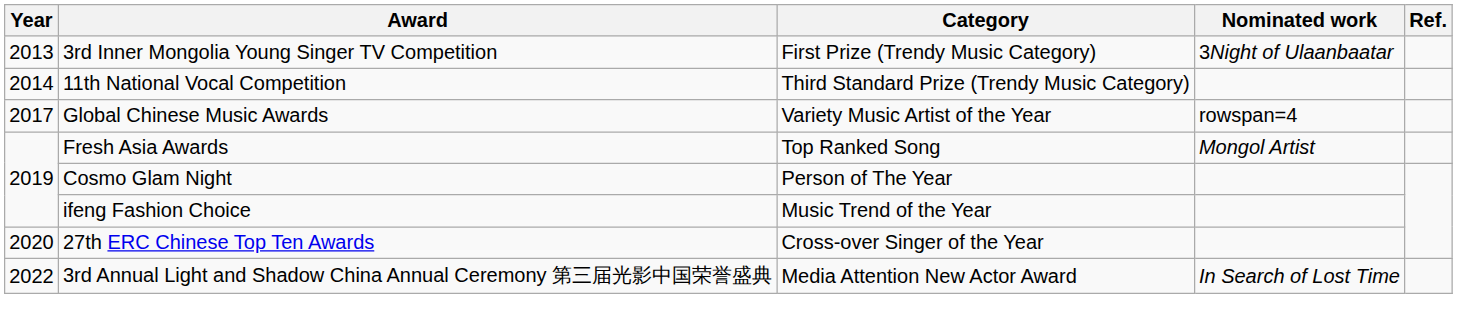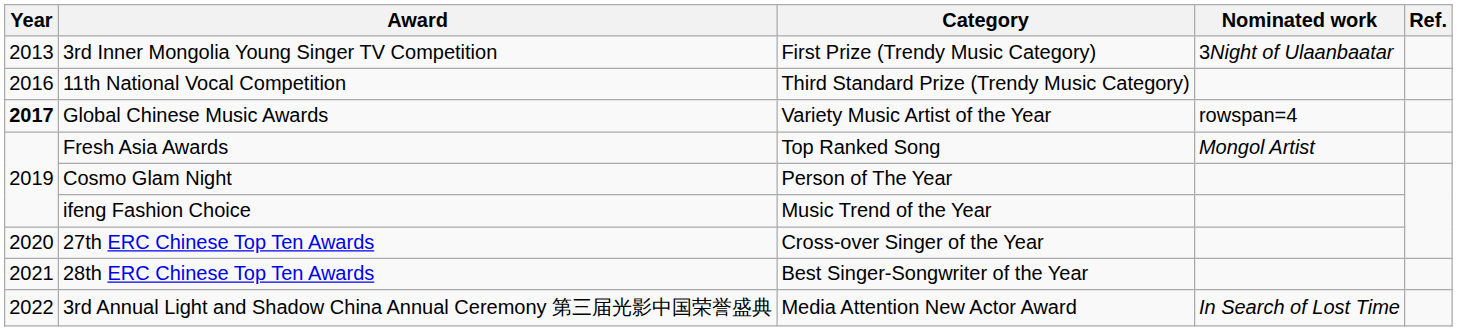 <table class="wikitable">
 <tr>
 <th>Year</th>
 <th>Award</th>
 <th>Category</th>
 <th>Nominated work</th>
 <th>Ref.</th>
 </tr>
 <tr>
 <td>2013</td>
 <td>3rd Inner Mongolia Young Singer TV Competition</td>
 <td>First Prize (Trendy Music Category)</td>
 <td>3<em>Night of Ulaanbaatar</em></td>
 <td></td>
 </tr>
 <tr>
-<td>2014</td>
+<td>2016</td>
 <td>11th National Vocal Competition</td>
 <td>Third Standard Prize (Trendy Music Category)</td>
 <td></td>
 <td></td>
 </tr>
 <tr>
-<td>2017</td>
+<td><strong>2017</strong></td>
 <td>Global Chinese Music Awards</td>
 <td>Variety Music Artist of the Year</td>
 <td>rowspan=4 </td>
 <td></td>
 </tr>
 <tr>
 <td rowspan=3>2019</td>
 <td>Fresh Asia Awards</td>
 <td>Top Ranked Song</td>
 <td><em>Mongol Artist</em></td>
 <td></td>
 </tr>
 <tr>
 <td>Cosmo Glam Night</td>
 <td>Person of The Year</td>
 <td></td>
 </tr>
 <tr>
 <td>ifeng Fashion Choice</td>
 <td>Music Trend of the Year</td>
 <td></td>
 </tr>
 <tr>
 <td>2020</td>
 <td>27th <a href='#'>ERC Chinese Top Ten Awards</a></td>
 <td>Cross-over Singer of the Year</td>
 <td></td>
 </tr>
 <tr>
+<td>2021</td>
+<td>28th <a href='#'>ERC Chinese Top Ten Awards</a></td>
+<td>Best Singer-Songwriter of the Year</td>
+<td></td>
+<td></td>
+</tr>
+<tr>
 <td>2022</td>
 <td>3rd Annual Light and Shadow China Annual Ceremony 第三届光影中国荣誉盛典</td>
 <td>Media Attention New Actor Award</td>
 <td><em>In Search of Lost Time</em></td>
 <td></td>
 </tr>
 </table>
